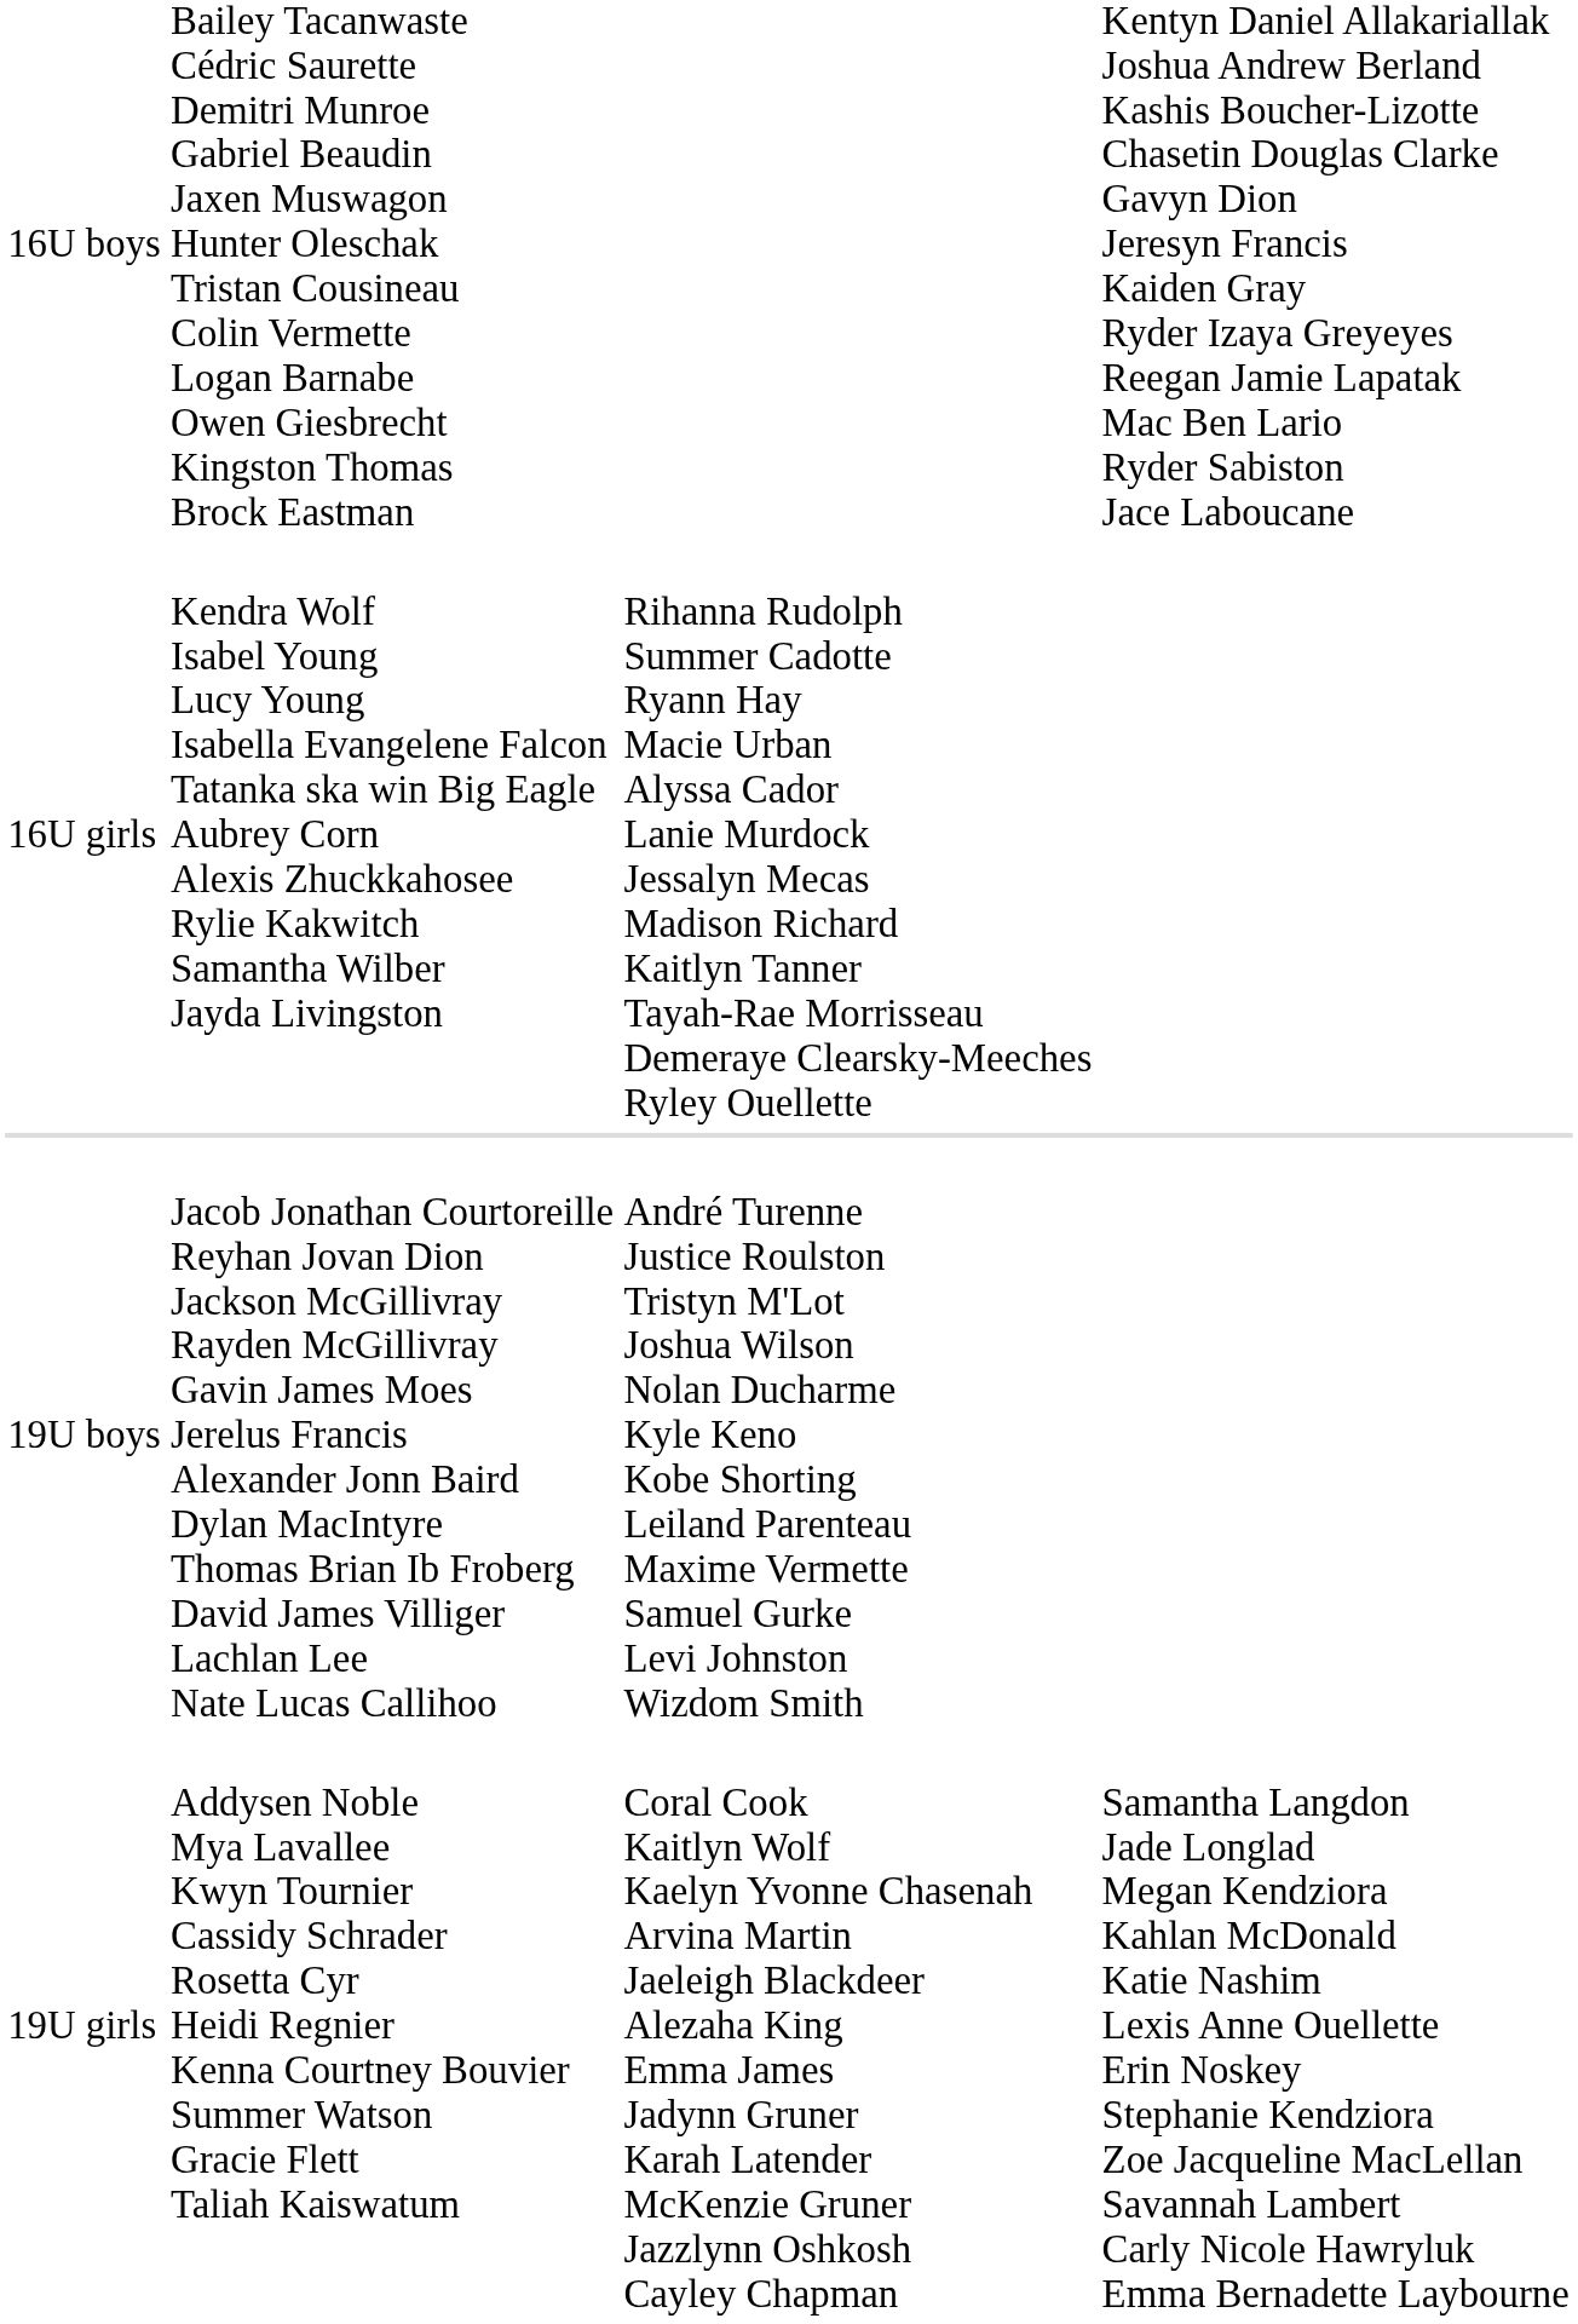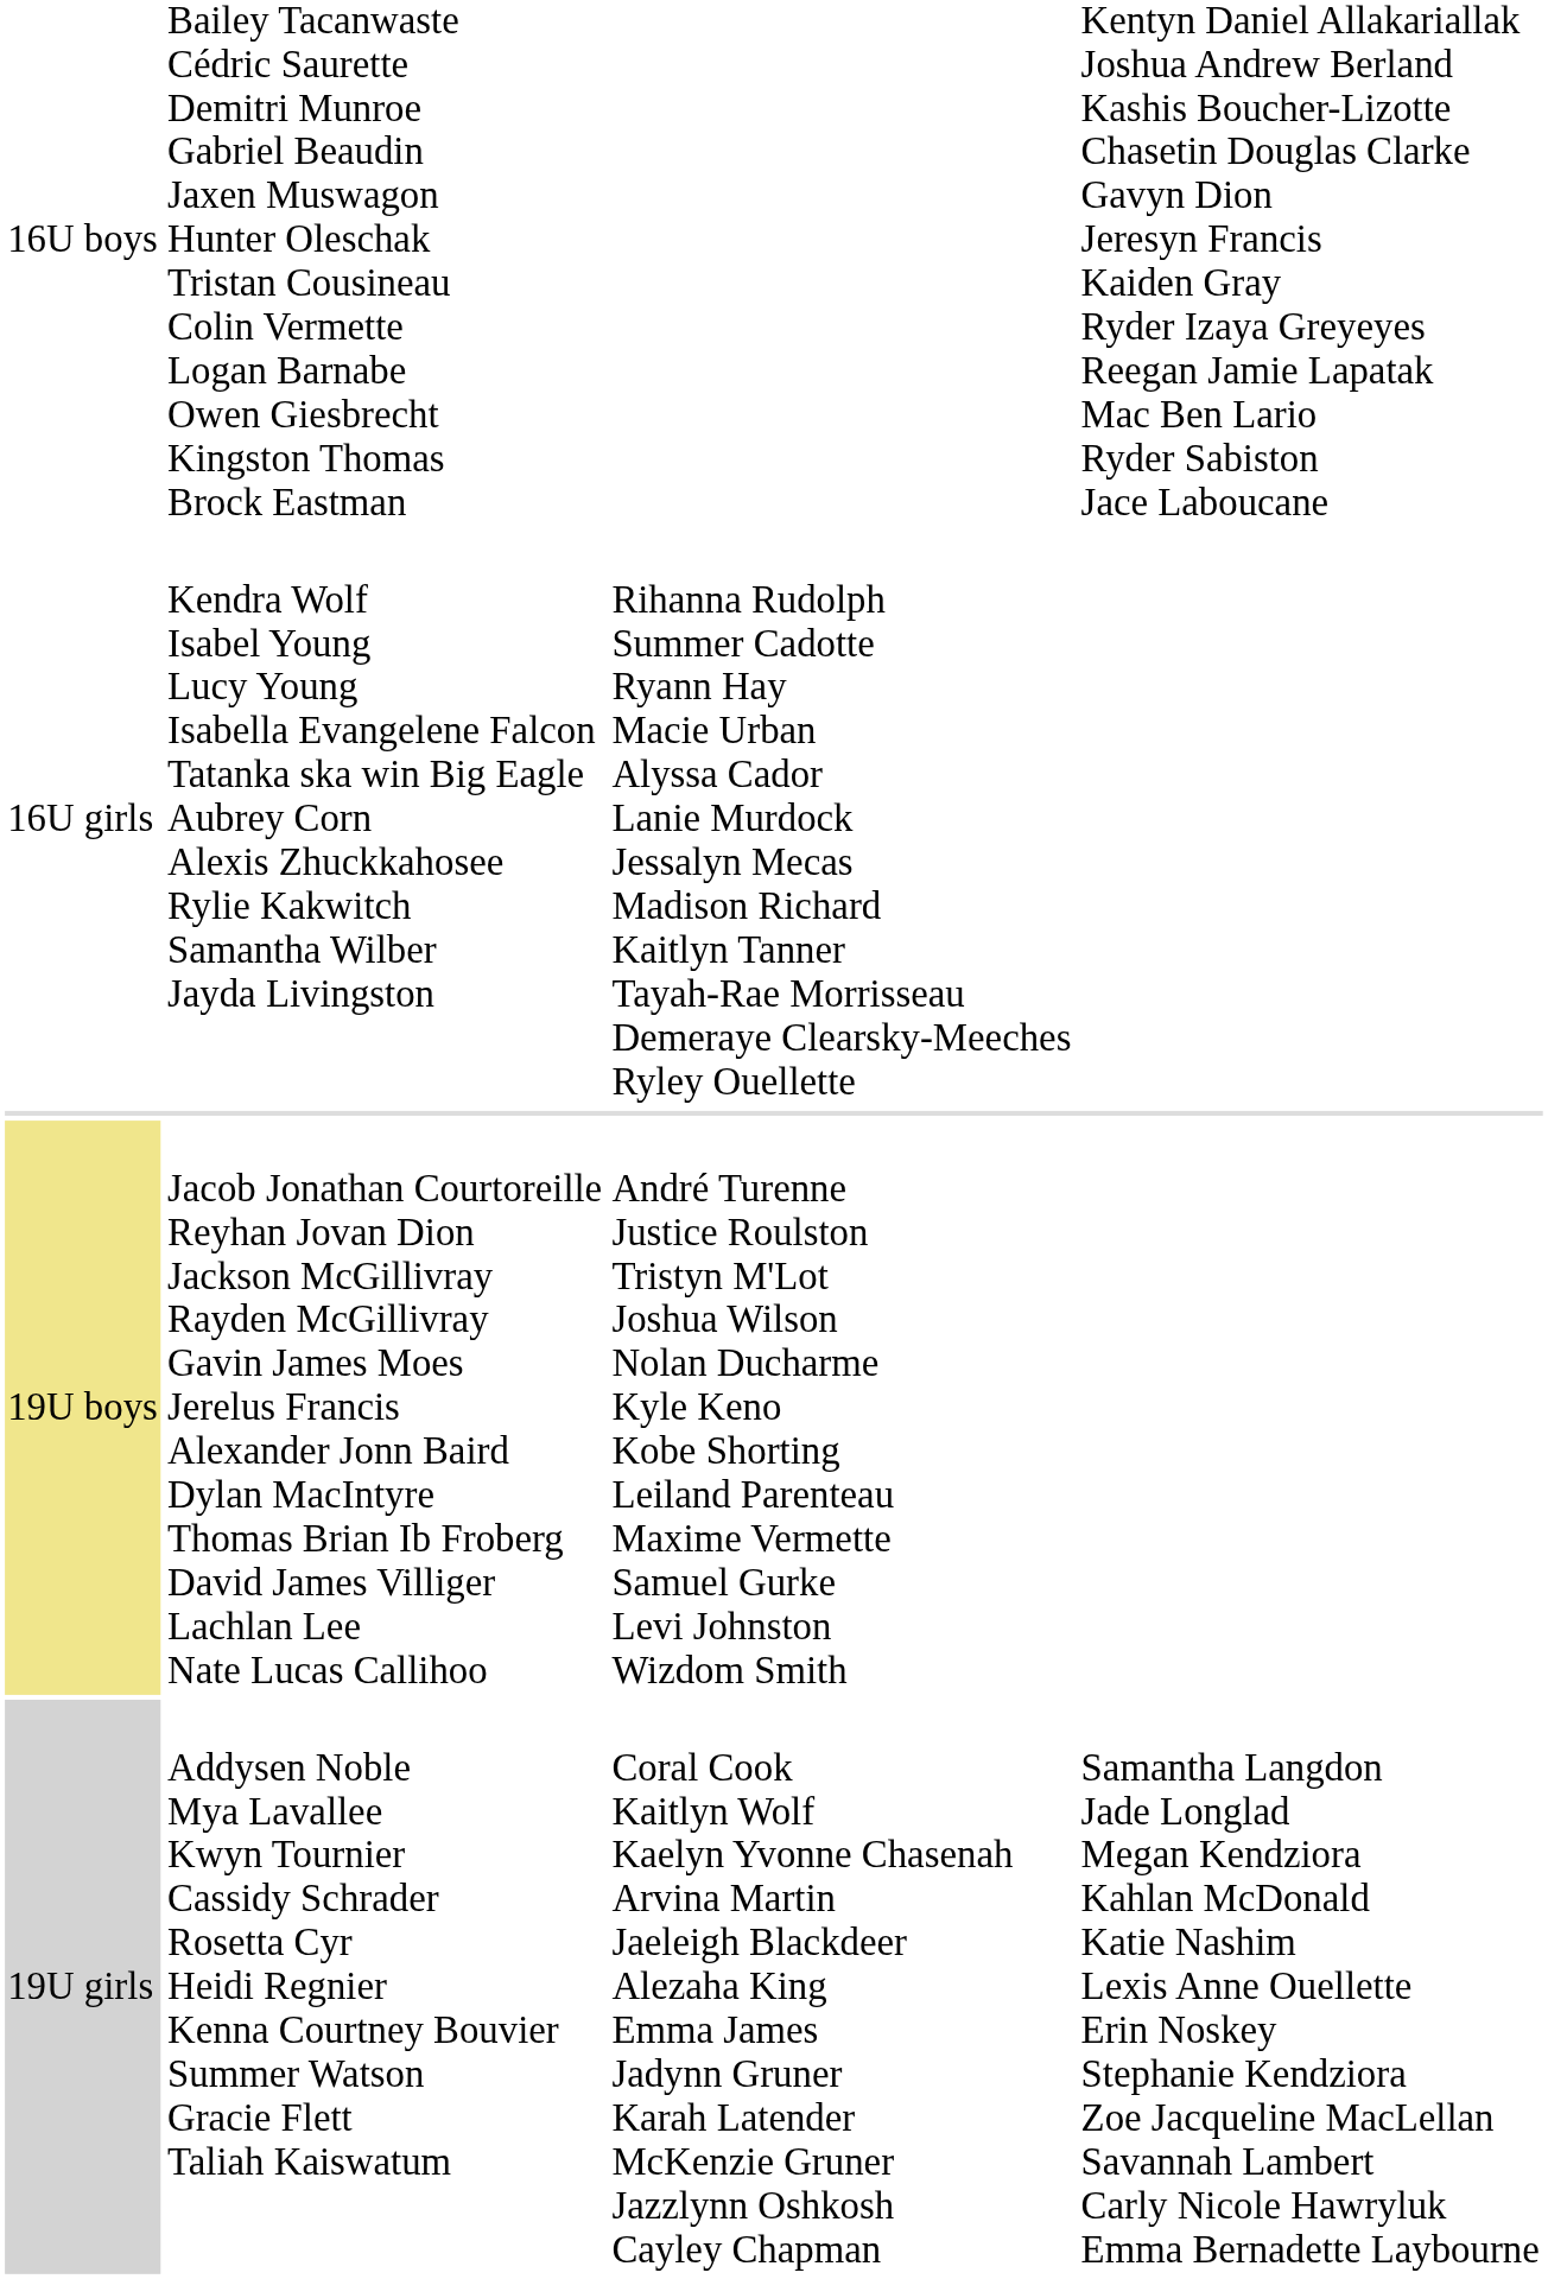 <table>
 <tr>
 <td>16U boys</td>
 <td><br>Bailey Tacanwaste<br>Cédric Saurette<br>Demitri Munroe<br>Gabriel Beaudin<br>Jaxen Muswagon<br>Hunter Oleschak<br>Tristan Cousineau<br>Colin Vermette<br>Logan Barnabe<br>Owen Giesbrecht<br>Kingston Thomas<br>Brock Eastman</td>
 <td valign=top></td>
 <td><br>Kentyn Daniel Allakariallak<br>Joshua Andrew Berland<br>Kashis Boucher-Lizotte<br>Chasetin Douglas Clarke<br>Gavyn Dion<br>Jeresyn Francis<br>Kaiden Gray<br>Ryder Izaya Greyeyes<br>Reegan Jamie Lapatak<br>Mac Ben Lario<br>Ryder Sabiston<br>Jace Laboucane</td>
 </tr>
 <tr>
 <td>16U girls</td>
 <td valign=top nowrap><br>Kendra Wolf<br>Isabel Young<br>Lucy Young<br>Isabella Evangelene Falcon<br>Tatanka ska win Big Eagle<br>Aubrey Corn<br>Alexis Zhuckkahosee<br>Rylie Kakwitch<br>Samantha Wilber<br>Jayda Livingston</td>
 <td nowrap><br>Rihanna Rudolph<br>Summer Cadotte<br>Ryann Hay<br>Macie Urban<br>Alyssa Cador<br>Lanie Murdock<br>Jessalyn Mecas<br>Madison Richard<br>Kaitlyn Tanner<br>Tayah-Rae Morrisseau<br>Demeraye Clearsky-Meeches<br>Ryley Ouellette</td>
 <td valign=top></td>
 </tr>
 <tr bgcolor=#dddddd>
 <td colspan=4></td>
 </tr>
 <tr>
-<td>19U boys</td>
+<td style="background: khaki;">19U boys</td>
 <td nowrap><br>Jacob Jonathan Courtoreille<br>Reyhan Jovan Dion<br>Jackson McGillivray<br>Rayden McGillivray<br>Gavin James Moes<br>Jerelus Francis<br>Alexander Jonn Baird<br>Dylan MacIntyre<br>Thomas Brian Ib Froberg<br>David James Villiger<br>Lachlan Lee<br>Nate Lucas Callihoo</td>
 <td><br>André Turenne<br>Justice Roulston<br>Tristyn M'Lot<br>Joshua Wilson<br>Nolan Ducharme<br>Kyle Keno<br>Kobe Shorting<br>Leiland Parenteau<br>Maxime Vermette<br>Samuel Gurke<br>Levi Johnston<br>Wizdom Smith</td>
 <td valign=top></td>
 </tr>
 <tr>
-<td>19U girls</td>
+<td style="background: lightgrey;">19U girls</td>
 <td valign=top><br>Addysen Noble<br>Mya Lavallee<br>Kwyn Tournier<br>Cassidy Schrader<br>Rosetta Cyr<br>Heidi Regnier<br>Kenna Courtney Bouvier<br>Summer Watson<br>Gracie Flett<br>Taliah Kaiswatum</td>
 <td><br>Coral Cook<br>Kaitlyn Wolf<br>Kaelyn Yvonne Chasenah<br>Arvina Martin<br>Jaeleigh Blackdeer<br>Alezaha King<br>Emma James<br>Jadynn Gruner<br>Karah Latender<br>McKenzie Gruner<br>Jazzlynn Oshkosh<br>Cayley Chapman</td>
 <td nowrap><br>Samantha Langdon<br>Jade Longlad<br>Megan Kendziora<br>Kahlan McDonald<br>Katie Nashim<br>Lexis Anne Ouellette<br>Erin Noskey<br>Stephanie Kendziora<br>Zoe Jacqueline MacLellan<br>Savannah Lambert<br>Carly Nicole Hawryluk<br>Emma Bernadette Laybourne</td>
 </tr>
 </table>
